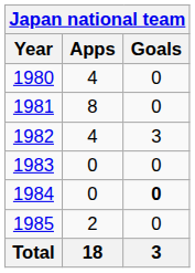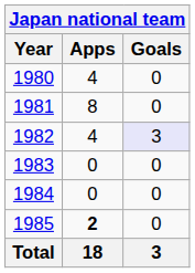 <table class="wikitable" style="text-align:center">
 <tr>
 <th colspan=3><a href='#'>Japan national team</a></th>
 </tr>
 <tr>
 <th>Year</th>
 <th>Apps</th>
 <th>Goals</th>
 </tr>
 <tr>
 <td><a href='#'>1980</a></td>
 <td>4</td>
 <td>0</td>
 </tr>
 <tr>
 <td><a href='#'>1981</a></td>
 <td>8</td>
 <td>0</td>
 </tr>
 <tr>
 <td><a href='#'>1982</a></td>
 <td>4</td>
-<td>3</td>
+<td style="background: lavender;">3</td>
 </tr>
 <tr>
 <td><a href='#'>1983</a></td>
 <td>0</td>
 <td>0</td>
 </tr>
 <tr>
 <td><a href='#'>1984</a></td>
 <td>0</td>
-<td><strong>0</strong></td>
+<td>0</td>
 </tr>
 <tr>
 <td><a href='#'>1985</a></td>
-<td>2</td>
+<td><strong>2</strong></td>
 <td>0</td>
 </tr>
 <tr>
 <th>Total</th>
 <th>18</th>
 <th>3</th>
 </tr>
 </table>
